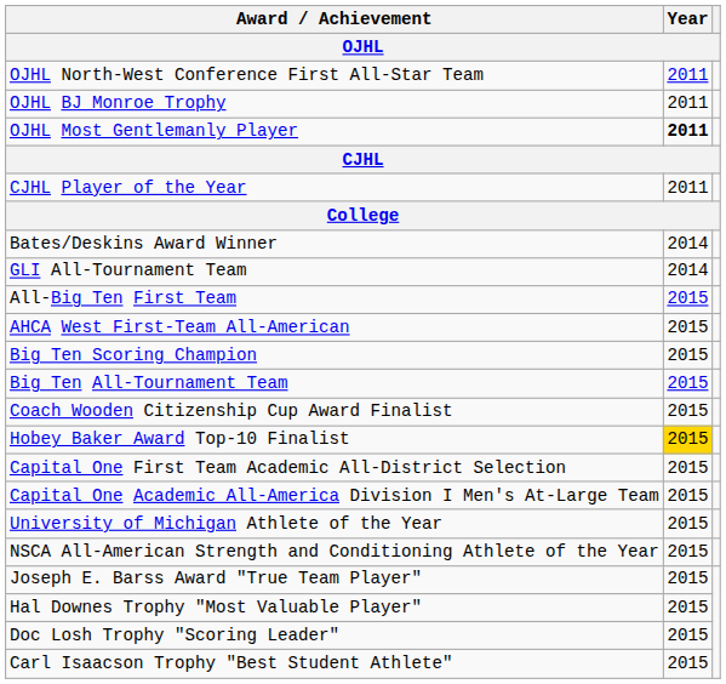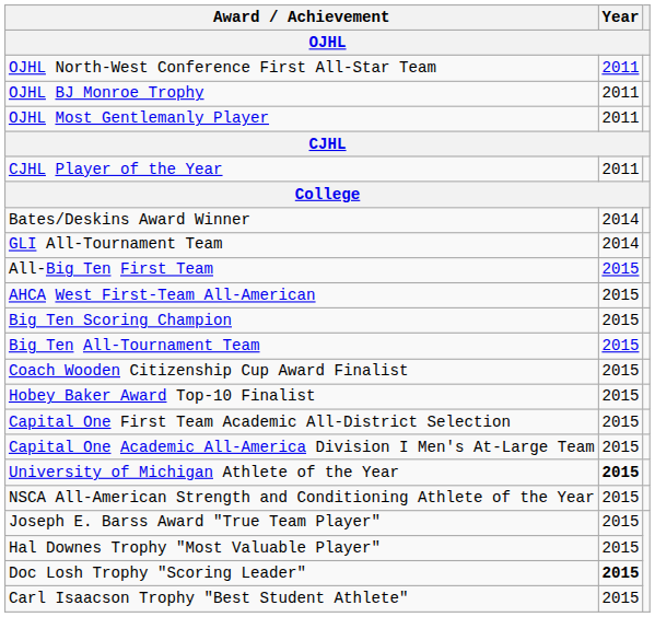 <table class="wikitable">
 <tr>
 <th>Award / Achievement</th>
 <th>Year</th>
 <th></th>
 </tr>
 <tr>
 <th colspan="3"><a href='#'>OJHL</a></th>
 </tr>
 <tr>
 <td><a href='#'>OJHL</a> North-West Conference First All-Star Team</td>
 <td><a href='#'>2011</a></td>
 <td></td>
 </tr>
 <tr>
 <td><a href='#'>OJHL</a> <a href='#'>BJ Monroe Trophy</a></td>
 <td>2011</td>
 <td></td>
 </tr>
 <tr>
 <td><a href='#'>OJHL</a> <a href='#'>Most Gentlemanly Player</a></td>
-<td><strong>2011</strong></td>
+<td>2011</td>
 <td></td>
 </tr>
 <tr>
 <th colspan="3"><a href='#'>CJHL</a></th>
 </tr>
 <tr>
 <td><a href='#'>CJHL</a> <a href='#'>Player of the Year</a></td>
 <td>2011</td>
 <td></td>
 </tr>
 <tr>
 <th colspan="3"><a href='#'>College</a></th>
 </tr>
 <tr>
 <td>Bates/Deskins Award Winner</td>
 <td>2014</td>
 <td></td>
 </tr>
 <tr>
 <td><a href='#'>GLI</a> All-Tournament Team</td>
 <td>2014</td>
 <td></td>
 </tr>
 <tr>
 <td>All-<a href='#'>Big Ten</a> <a href='#'>First Team</a></td>
 <td><a href='#'>2015</a></td>
 <td></td>
 </tr>
 <tr>
 <td><a href='#'>AHCA</a> <a href='#'>West First-Team All-American</a></td>
 <td>2015</td>
 <td></td>
 </tr>
 <tr>
 <td><a href='#'>Big Ten Scoring Champion</a></td>
 <td>2015</td>
 <td></td>
 </tr>
 <tr>
 <td><a href='#'>Big Ten</a> <a href='#'>All-Tournament Team</a></td>
 <td><a href='#'>2015</a></td>
 <td></td>
 </tr>
 <tr>
 <td><a href='#'>Coach Wooden</a> Citizenship Cup Award Finalist</td>
 <td>2015</td>
 <td></td>
 </tr>
 <tr>
 <td><a href='#'>Hobey Baker Award</a> Top-10 Finalist</td>
-<td style="background: gold;">2015</td>
+<td>2015</td>
 <td></td>
 </tr>
 <tr>
 <td><a href='#'>Capital One</a> First Team Academic All-District Selection</td>
 <td>2015</td>
 <td></td>
 </tr>
 <tr>
 <td><a href='#'>Capital One</a> <a href='#'>Academic All-America</a> Division I Men's At-Large Team</td>
 <td>2015</td>
 <td></td>
 </tr>
 <tr>
 <td><a href='#'>University of Michigan</a> Athlete of the Year</td>
-<td>2015</td>
+<td><strong>2015</strong></td>
 <td></td>
 </tr>
 <tr>
 <td>NSCA All-American Strength and Conditioning Athlete of the Year</td>
 <td>2015</td>
 <td></td>
 </tr>
 <tr>
 <td>Joseph E. Barss Award "True Team Player"</td>
 <td>2015</td>
 <td rowspan="4"></td>
 </tr>
 <tr>
 <td>Hal Downes Trophy "Most Valuable Player"</td>
 <td>2015</td>
 </tr>
 <tr>
 <td>Doc Losh Trophy "Scoring Leader"</td>
-<td>2015</td>
+<td><strong>2015</strong></td>
 </tr>
 <tr>
 <td>Carl Isaacson Trophy "Best Student Athlete"</td>
 <td>2015</td>
 </tr>
 </table>
